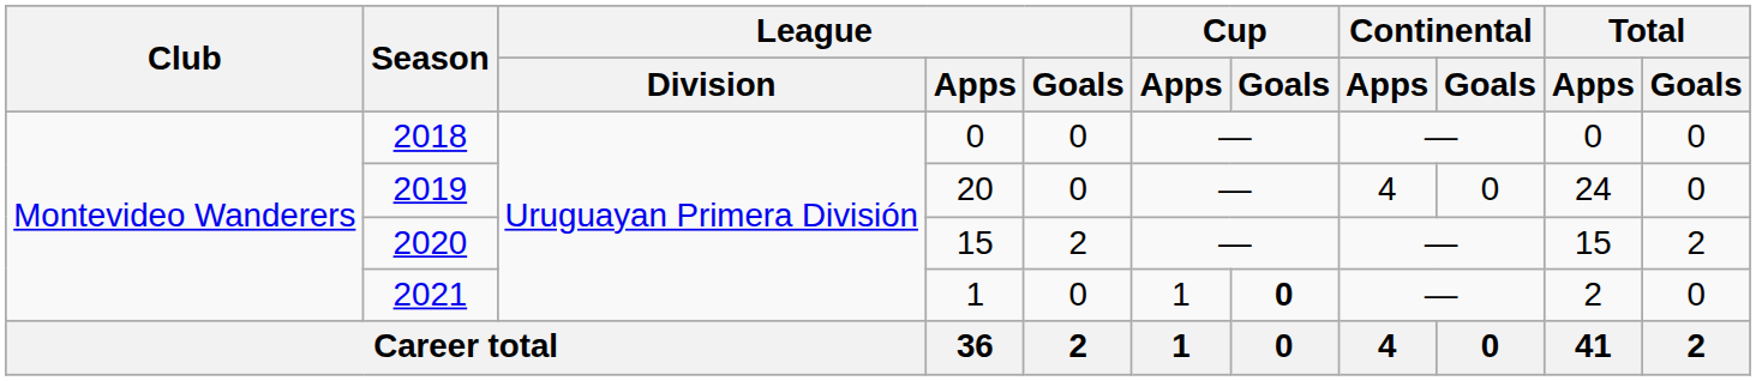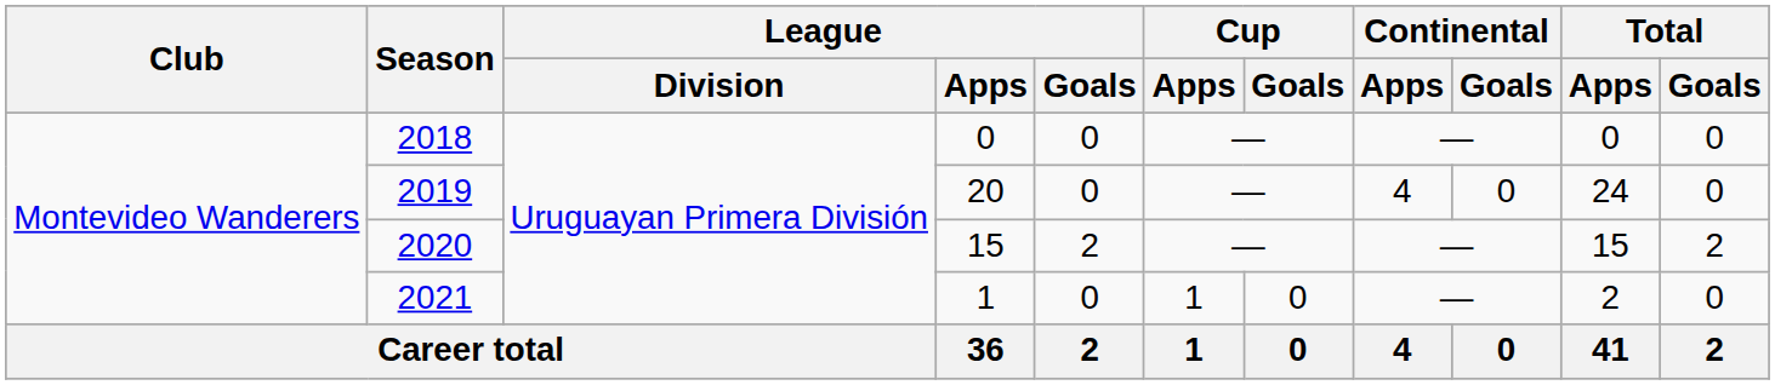 <table class=wikitable style=text-align:center>
 <tr>
 <th rowspan="2">Club</th>
 <th rowspan="2">Season</th>
 <th colspan="3">League</th>
 <th colspan="2">Cup</th>
 <th colspan="2">Continental</th>
 <th colspan="2">Total</th>
 </tr>
 <tr>
 <th>Division</th>
 <th>Apps</th>
 <th>Goals</th>
 <th>Apps</th>
 <th>Goals</th>
 <th>Apps</th>
 <th>Goals</th>
 <th>Apps</th>
 <th>Goals</th>
 </tr>
 <tr>
 <td rowspan="4"><a href='#'>Montevideo Wanderers</a></td>
 <td><a href='#'>2018</a></td>
 <td rowspan="4"><a href='#'>Uruguayan Primera División</a></td>
 <td>0</td>
 <td>0</td>
 <td colspan="2">—</td>
 <td colspan="2">—</td>
 <td>0</td>
 <td>0</td>
 </tr>
 <tr>
 <td><a href='#'>2019</a></td>
 <td>20</td>
 <td>0</td>
 <td colspan="2">—</td>
 <td>4</td>
 <td>0</td>
 <td>24</td>
 <td>0</td>
 </tr>
 <tr>
 <td><a href='#'>2020</a></td>
 <td>15</td>
 <td>2</td>
 <td colspan="2">—</td>
 <td colspan="2">—</td>
 <td>15</td>
 <td>2</td>
 </tr>
 <tr>
 <td><a href='#'>2021</a></td>
 <td>1</td>
 <td>0</td>
 <td>1</td>
-<td><strong>0</strong></td>
+<td>0</td>
 <td colspan="2">—</td>
 <td>2</td>
 <td>0</td>
 </tr>
 <tr>
 <th colspan=3>Career total</th>
 <th>36</th>
 <th>2</th>
 <th>1</th>
 <th>0</th>
 <th>4</th>
 <th>0</th>
 <th>41</th>
 <th>2</th>
 </tr>
 </table>
